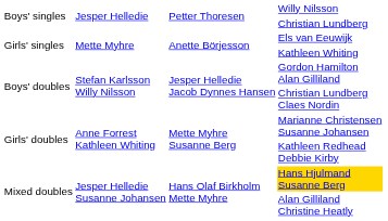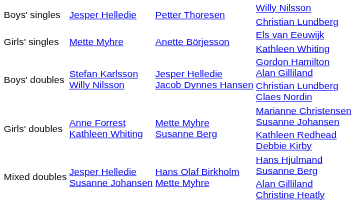 <table>
 <tr>
 <td rowspan=2>Boys' singles</td>
 <td rowspan=2> <a href='#'>Jesper Helledie</a></td>
 <td rowspan=2> <a href='#'>Petter Thoresen</a></td>
 <td> <a href='#'>Willy Nilsson</a></td>
 </tr>
 <tr>
 <td> <a href='#'>Christian Lundberg</a></td>
 </tr>
 <tr>
 <td rowspan=2>Girls' singles</td>
 <td rowspan=2> <a href='#'>Mette Myhre</a></td>
 <td rowspan=2> <a href='#'>Anette Börjesson</a></td>
 <td> <a href='#'>Els van Eeuwijk</a></td>
 </tr>
 <tr>
 <td> <a href='#'>Kathleen Whiting</a></td>
 </tr>
 <tr>
 <td rowspan=2>Boys' doubles</td>
 <td rowspan=2> <a href='#'>Stefan Karlsson</a> <br>  <a href='#'>Willy Nilsson</a></td>
 <td rowspan=2> <a href='#'>Jesper Helledie</a> <br>  <a href='#'>Jacob Dynnes Hansen</a></td>
 <td> <a href='#'>Gordon Hamilton</a> <br>  <a href='#'>Alan Gilliland</a></td>
 </tr>
 <tr>
 <td> <a href='#'>Christian Lundberg</a> <br>  <a href='#'>Claes Nordin</a></td>
 </tr>
 <tr>
 <td rowspan=2>Girls' doubles</td>
 <td rowspan=2> <a href='#'>Anne Forrest</a> <br>  <a href='#'>Kathleen Whiting</a></td>
 <td rowspan=2> <a href='#'>Mette Myhre</a> <br>  <a href='#'>Susanne Berg</a></td>
 <td> <a href='#'>Marianne Christensen</a> <br>  <a href='#'>Susanne Johansen</a></td>
 </tr>
 <tr>
 <td> <a href='#'>Kathleen Redhead</a> <br>  <a href='#'>Debbie Kirby</a></td>
 </tr>
 <tr>
 <td rowspan=2>Mixed doubles</td>
 <td rowspan=2> <a href='#'>Jesper Helledie</a> <br>  <a href='#'>Susanne Johansen</a></td>
 <td rowspan=2> <a href='#'>Hans Olaf Birkholm</a> <br>  <a href='#'>Mette Myhre</a></td>
-<td style="background: gold;"> <a href='#'>Hans Hjulmand</a> <br>  <a href='#'>Susanne Berg</a></td>
+<td> <a href='#'>Hans Hjulmand</a> <br>  <a href='#'>Susanne Berg</a></td>
 </tr>
 <tr>
 <td> <a href='#'>Alan Gilliland</a> <br>  <a href='#'>Christine Heatly</a></td>
 </tr>
 </table>
